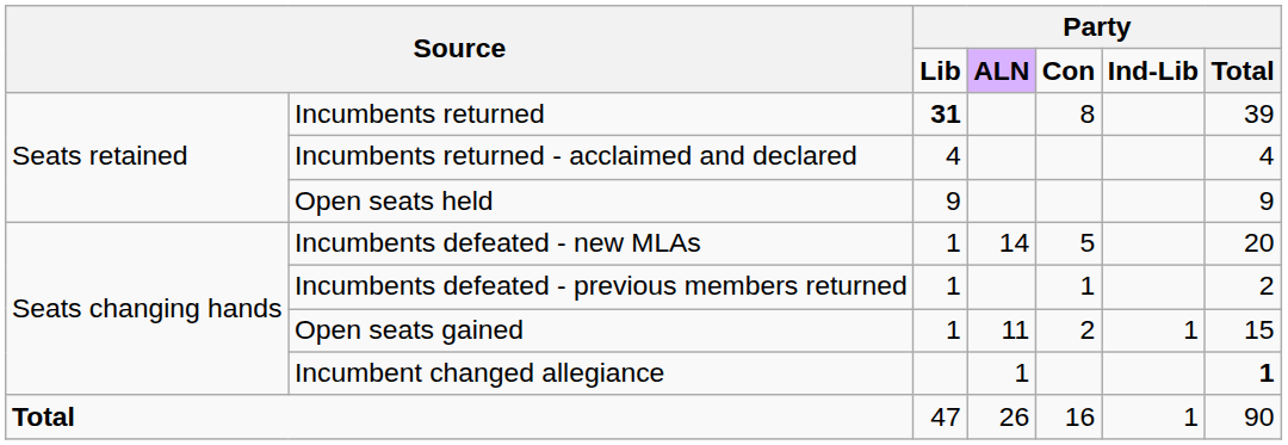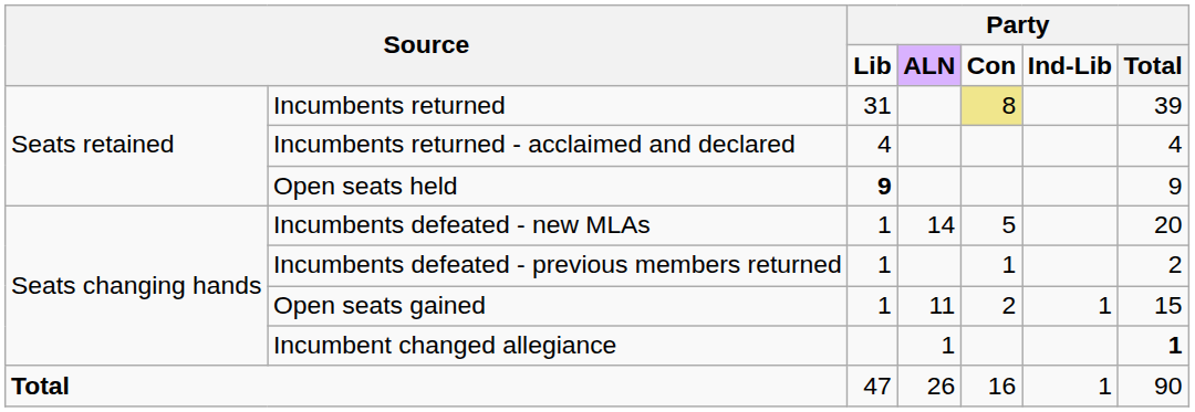 <table class="wikitable" style="text-align:right;">
 <tr>
 <th colspan="2" rowspan="2">Source</th>
 <th colspan="5">Party</th>
 </tr>
 <tr>
 <td><strong>Lib</strong></td>
 <td style="background-color:#D9B2FF;"><strong>ALN</strong></td>
 <td><strong>Con</strong></td>
 <td><strong>Ind-Lib</strong></td>
 <th>Total</th>
 </tr>
 <tr>
 <td rowspan="3" style="text-align:left;">Seats retained</td>
 <td style="text-align:left;">Incumbents returned</td>
-<td><strong>31</strong></td>
+<td>31</td>
 <td></td>
-<td>8</td>
+<td style="background: khaki;">8</td>
 <td></td>
 <td>39</td>
 </tr>
 <tr>
 <td style="text-align:left;">Incumbents returned - acclaimed and declared</td>
 <td>4</td>
 <td></td>
 <td></td>
 <td></td>
 <td>4</td>
 </tr>
 <tr>
 <td style="text-align:left;">Open seats held</td>
-<td>9</td>
+<td><strong>9</strong></td>
 <td></td>
 <td></td>
 <td></td>
 <td>9</td>
 </tr>
 <tr>
 <td rowspan="4" style="text-align:left;">Seats changing hands</td>
 <td style="text-align:left;">Incumbents defeated - new MLAs</td>
 <td>1</td>
 <td>14</td>
 <td>5</td>
 <td></td>
 <td>20</td>
 </tr>
 <tr>
 <td style="text-align:left;">Incumbents defeated - previous members returned</td>
 <td>1</td>
 <td></td>
 <td>1</td>
 <td></td>
 <td>2</td>
 </tr>
 <tr>
 <td style="text-align:left;">Open seats gained</td>
 <td>1</td>
 <td>11</td>
 <td>2</td>
 <td>1</td>
 <td>15</td>
 </tr>
 <tr>
 <td style="text-align:left;">Incumbent changed allegiance</td>
 <td></td>
 <td>1</td>
 <td></td>
 <td></td>
 <td><strong>1</strong></td>
 </tr>
 <tr>
 <td colspan="2" style="text-align:left;"><strong>Total</strong></td>
 <td>47</td>
 <td>26</td>
 <td>16</td>
 <td>1</td>
 <td>90</td>
 </tr>
 </table>
